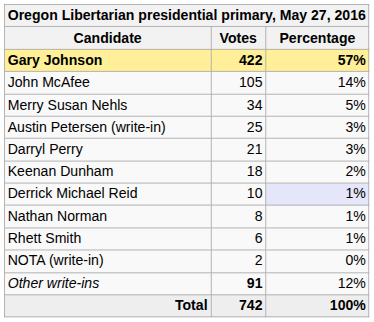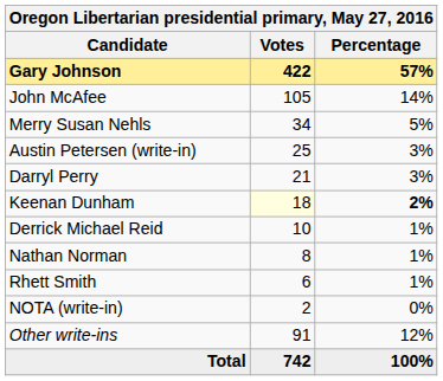 <table class="wikitable" style="text-align:right;">
 <tr>
 <th colspan="3">Oregon Libertarian presidential primary, May 27, 2016</th>
 </tr>
 <tr>
 <th>Candidate</th>
 <th>Votes</th>
 <th>Percentage</th>
 </tr>
 <tr style="background:#ffef99;">
 <td style="text-align:left;"><strong>Gary Johnson</strong></td>
 <td><strong>422</strong></td>
 <td><strong>57%</strong></td>
 </tr>
 <tr>
 <td style="text-align:left;">John McAfee</td>
 <td>105</td>
 <td>14%</td>
 </tr>
 <tr>
 <td style="text-align:left;">Merry Susan Nehls</td>
 <td>34</td>
 <td>5%</td>
 </tr>
 <tr>
 <td style="text-align:left;">Austin Petersen (write-in)</td>
 <td>25</td>
 <td>3%</td>
 </tr>
 <tr>
 <td style="text-align:left;">Darryl Perry</td>
 <td>21</td>
 <td>3%</td>
 </tr>
 <tr>
 <td style="text-align:left;">Keenan Dunham</td>
-<td>18</td>
-<td>2%</td>
+<td style="background: lightyellow;">18</td>
+<td><strong>2%</strong></td>
 </tr>
 <tr>
 <td style="text-align:left;">Derrick Michael Reid</td>
 <td>10</td>
-<td style="background: lavender;">1%</td>
+<td>1%</td>
 </tr>
 <tr>
 <td style="text-align:left;">Nathan Norman</td>
 <td>8</td>
 <td>1%</td>
 </tr>
 <tr>
 <td style="text-align:left;">Rhett Smith</td>
 <td>6</td>
 <td>1%</td>
 </tr>
 <tr>
 <td style="text-align:left;">NOTA (write-in)</td>
 <td>2</td>
 <td>0%</td>
 </tr>
 <tr>
 <td style="text-align:left;"><em>Other write-ins</em></td>
-<td><strong>91</strong></td>
+<td>91</td>
 <td>12%</td>
 </tr>
 <tr style="background:#eee;">
 <td style="margin-right:0.50px"><strong>Total</strong></td>
 <td style="margin-right:0.50px"><strong>742</strong></td>
 <td style="margin-right:0.50px"><strong>100%</strong></td>
 </tr>
 </table>
